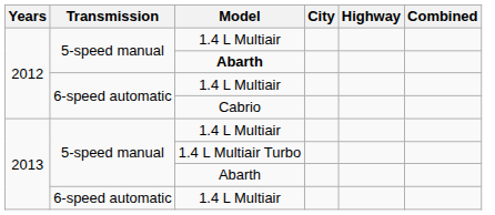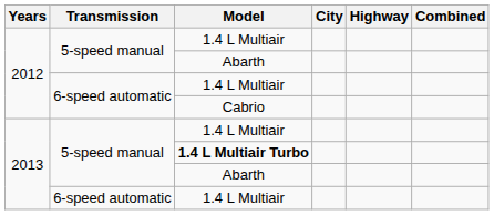 <table class="wikitable" style="text-align: center; font-size: 90%;">
 <tr>
 <th>Years</th>
 <th>Transmission</th>
 <th>Model</th>
 <th>City</th>
 <th>Highway</th>
 <th>Combined</th>
 </tr>
 <tr>
 <td rowspan=4>2012</td>
 <td rowspan=2>5-speed manual</td>
 <td>1.4 L Multiair</td>
 <td></td>
 <td></td>
 <td></td>
 </tr>
 <tr>
-<td><strong>Abarth</strong></td>
+<td>Abarth</td>
 <td></td>
 <td></td>
 <td></td>
 </tr>
 <tr>
 <td rowspan=2>6-speed automatic</td>
 <td>1.4 L Multiair</td>
 <td></td>
 <td></td>
 <td></td>
 </tr>
 <tr>
 <td>Cabrio</td>
 <td></td>
 <td></td>
 <td></td>
 </tr>
 <tr>
 <td rowspan=4>2013</td>
 <td rowspan=3>5-speed manual</td>
 <td>1.4 L Multiair</td>
 <td></td>
 <td></td>
 <td></td>
 </tr>
 <tr>
-<td>1.4 L Multiair Turbo</td>
+<td><strong>1.4 L Multiair Turbo</strong></td>
 <td></td>
 <td></td>
 <td></td>
 </tr>
 <tr>
 <td>Abarth</td>
 <td></td>
 <td></td>
 <td></td>
 </tr>
 <tr>
 <td>6-speed automatic</td>
 <td>1.4 L Multiair</td>
 <td></td>
 <td></td>
 <td></td>
 </tr>
 </table>
